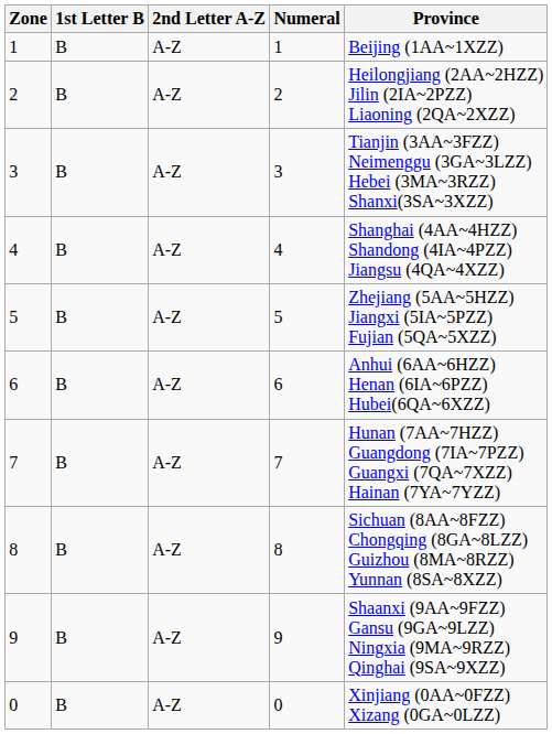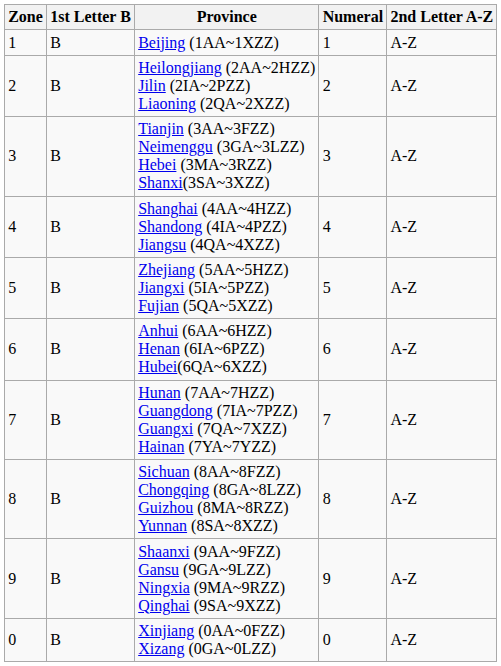 <table class="wikitable">
 <tr>
 <th>Zone</th>
 <th>1st Letter B</th>
+<th>Province</th>
+<th>Numeral</th>
 <th>2nd Letter A-Z</th>
-<th>Numeral</th>
-<th>Province</th>
 </tr>
 <tr>
 <td>1</td>
 <td>B</td>
+<td><a href='#'>Beijing</a> (1AA~1XZZ)</td>
+<td>1</td>
 <td>A-Z</td>
-<td>1</td>
-<td><a href='#'>Beijing</a> (1AA~1XZZ)</td>
 </tr>
 <tr>
 <td>2</td>
 <td>B</td>
+<td><a href='#'>Heilongjiang</a> (2AA~2HZZ)<br><a href='#'>Jilin</a> (2IA~2PZZ)<br><a href='#'>Liaoning</a> (2QA~2XZZ)</td>
+<td>2</td>
 <td>A-Z</td>
-<td>2</td>
-<td><a href='#'>Heilongjiang</a> (2AA~2HZZ)<br><a href='#'>Jilin</a> (2IA~2PZZ)<br><a href='#'>Liaoning</a> (2QA~2XZZ)</td>
 </tr>
 <tr>
 <td>3</td>
 <td>B</td>
+<td><a href='#'>Tianjin</a> (3AA~3FZZ)<br><a href='#'>Neimenggu</a> (3GA~3LZZ)<br><a href='#'>Hebei</a> (3MA~3RZZ)<br><a href='#'>Shanxi</a>(3SA~3XZZ)</td>
+<td>3</td>
 <td>A-Z</td>
-<td>3</td>
-<td><a href='#'>Tianjin</a> (3AA~3FZZ)<br><a href='#'>Neimenggu</a> (3GA~3LZZ)<br><a href='#'>Hebei</a> (3MA~3RZZ)<br><a href='#'>Shanxi</a>(3SA~3XZZ)</td>
 </tr>
 <tr>
 <td>4</td>
 <td>B</td>
+<td><a href='#'>Shanghai</a> (4AA~4HZZ)<br><a href='#'>Shandong</a> (4IA~4PZZ)<br><a href='#'>Jiangsu</a> (4QA~4XZZ)</td>
+<td>4</td>
 <td>A-Z</td>
-<td>4</td>
-<td><a href='#'>Shanghai</a> (4AA~4HZZ)<br><a href='#'>Shandong</a> (4IA~4PZZ)<br><a href='#'>Jiangsu</a> (4QA~4XZZ)</td>
 </tr>
 <tr>
 <td>5</td>
 <td>B</td>
+<td><a href='#'>Zhejiang</a> (5AA~5HZZ)<br><a href='#'>Jiangxi</a> (5IA~5PZZ)<br><a href='#'>Fujian</a> (5QA~5XZZ)</td>
+<td>5</td>
 <td>A-Z</td>
-<td>5</td>
-<td><a href='#'>Zhejiang</a> (5AA~5HZZ)<br><a href='#'>Jiangxi</a> (5IA~5PZZ)<br><a href='#'>Fujian</a> (5QA~5XZZ)</td>
 </tr>
 <tr>
 <td>6</td>
 <td>B</td>
+<td><a href='#'>Anhui</a> (6AA~6HZZ)<br><a href='#'>Henan</a> (6IA~6PZZ)<br><a href='#'>Hubei</a>(6QA~6XZZ)</td>
+<td>6</td>
 <td>A-Z</td>
-<td>6</td>
-<td><a href='#'>Anhui</a> (6AA~6HZZ)<br><a href='#'>Henan</a> (6IA~6PZZ)<br><a href='#'>Hubei</a>(6QA~6XZZ)</td>
 </tr>
 <tr>
 <td>7</td>
 <td>B</td>
+<td><a href='#'>Hunan</a> (7AA~7HZZ)<br><a href='#'>Guangdong</a> (7IA~7PZZ)<br><a href='#'>Guangxi</a> (7QA~7XZZ)<br><a href='#'>Hainan</a> (7YA~7YZZ)</td>
+<td>7</td>
 <td>A-Z</td>
-<td>7</td>
-<td><a href='#'>Hunan</a> (7AA~7HZZ)<br><a href='#'>Guangdong</a> (7IA~7PZZ)<br><a href='#'>Guangxi</a> (7QA~7XZZ)<br><a href='#'>Hainan</a> (7YA~7YZZ)</td>
 </tr>
 <tr>
 <td>8</td>
 <td>B</td>
+<td><a href='#'>Sichuan</a> (8AA~8FZZ)<br><a href='#'>Chongqing</a> (8GA~8LZZ)<br><a href='#'>Guizhou</a> (8MA~8RZZ)<br><a href='#'>Yunnan</a> (8SA~8XZZ)</td>
+<td>8</td>
 <td>A-Z</td>
-<td>8</td>
-<td><a href='#'>Sichuan</a> (8AA~8FZZ)<br><a href='#'>Chongqing</a> (8GA~8LZZ)<br><a href='#'>Guizhou</a> (8MA~8RZZ)<br><a href='#'>Yunnan</a> (8SA~8XZZ)</td>
 </tr>
 <tr>
 <td>9</td>
 <td>B</td>
+<td><a href='#'>Shaanxi</a> (9AA~9FZZ)<br><a href='#'>Gansu</a> (9GA~9LZZ)<br><a href='#'>Ningxia</a> (9MA~9RZZ)<br><a href='#'>Qinghai</a> (9SA~9XZZ)</td>
+<td>9</td>
 <td>A-Z</td>
-<td>9</td>
-<td><a href='#'>Shaanxi</a> (9AA~9FZZ)<br><a href='#'>Gansu</a> (9GA~9LZZ)<br><a href='#'>Ningxia</a> (9MA~9RZZ)<br><a href='#'>Qinghai</a> (9SA~9XZZ)</td>
 </tr>
 <tr>
 <td>0</td>
 <td>B</td>
+<td><a href='#'>Xinjiang</a> (0AA~0FZZ)<br><a href='#'>Xizang</a> (0GA~0LZZ)</td>
+<td>0</td>
 <td>A-Z</td>
-<td>0</td>
-<td><a href='#'>Xinjiang</a> (0AA~0FZZ)<br><a href='#'>Xizang</a> (0GA~0LZZ)</td>
 </tr>
 </table>
